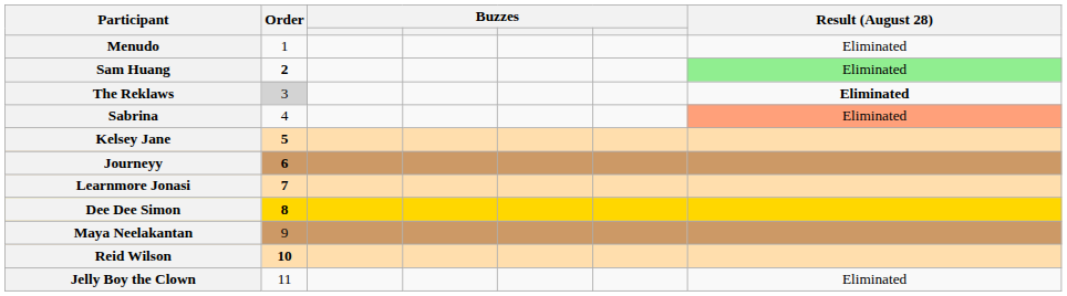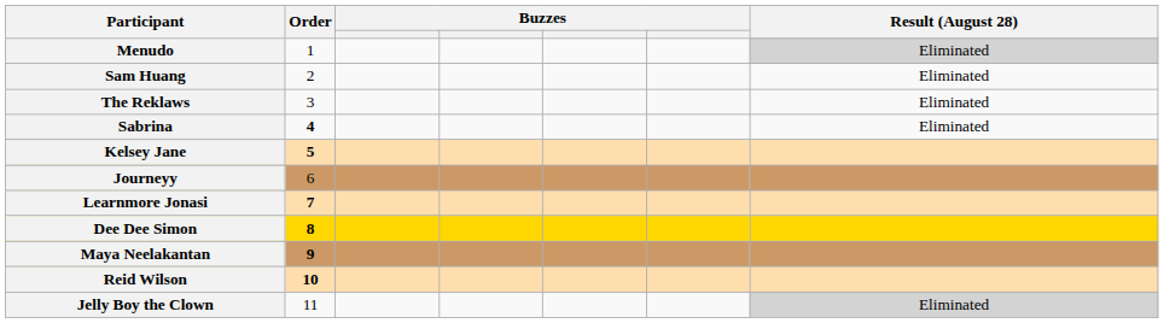 <table class="wikitable plainrowheaders sortable" style="text-align:center;">
 <tr>
 <th scope="col" rowspan="2" class="unsortable" style="width:17em;">Participant</th>
 <th scope="col" rowspan="2" style="width:1em;">Order</th>
 <th scope="col" colspan="4" class="unsortable" style="width:24em;">Buzzes</th>
 <th scope="col" rowspan="2" style="width:25em;">Result (August 28)</th>
 </tr>
 <tr>
 <th scope="col" class="unsortable" style="width:6em;"></th>
 <th scope="col" class="unsortable" style="width:6em;"></th>
 <th scope="col" class="unsortable" style="width:6em;"></th>
 <th scope="col" class="unsortable" style="width:6em;"></th>
 </tr>
 <tr>
 <th scope="row">Menudo</th>
 <td>1</td>
 <td style="text-align:center;"></td>
 <td style="text-align:center;"></td>
 <td style="text-align:center;"></td>
 <td style="text-align:center;"></td>
-<td>Eliminated</td>
+<td style="background: lightgrey;">Eliminated</td>
 </tr>
 <tr>
 <th scope="row">Sam Huang</th>
-<td><strong>2</strong></td>
+<td>2</td>
 <td style="text-align:center;"></td>
 <td style="text-align:center;"></td>
 <td style="text-align:center;"></td>
 <td style="text-align:center;"></td>
-<td style="background: lightgreen;">Eliminated</td>
+<td>Eliminated</td>
 </tr>
 <tr>
 <th scope="row">The Reklaws</th>
-<td style="background: lightgrey;">3</td>
+<td>3</td>
 <td style="text-align:center;"></td>
 <td style="text-align:center;"></td>
 <td style="text-align:center;"></td>
 <td style="text-align:center;"></td>
-<td><strong>Eliminated</strong></td>
+<td>Eliminated</td>
 </tr>
 <tr>
 <th scope="row">Sabrina</th>
-<td>4</td>
+<td><strong>4</strong></td>
 <td style="text-align:center;"></td>
 <td style="text-align:center;"></td>
 <td style="text-align:center;"></td>
 <td style="text-align:center;"></td>
-<td style="background: lightsalmon;">Eliminated</td>
+<td>Eliminated</td>
 </tr>
 <tr bgcolor=navajowhite>
 <th scope="row"><strong>Kelsey Jane</strong></th>
 <td><strong>5</strong></td>
 <td style="text-align:center;"></td>
 <td style="text-align:center;"></td>
 <td style="text-align:center;"></td>
 <td style="text-align:center;"></td>
 <td><strong></strong></td>
 </tr>
 <tr bgcolor=#c96>
 <th scope="row">Journeyy</th>
-<td><strong>6</strong></td>
+<td>6</td>
 <td style="text-align:center;"></td>
 <td style="text-align:center;"></td>
 <td style="text-align:center;"></td>
 <td style="text-align:center;"></td>
 <td></td>
 </tr>
 <tr bgcolor=navajowhite>
 <th scope="row"><strong>Learnmore Jonasi</strong></th>
 <td><strong>7</strong></td>
 <td style="text-align:center;"></td>
 <td style="text-align:center;"></td>
 <td style="text-align:center;"></td>
 <td style="text-align:center;"></td>
 <td><strong></strong></td>
 </tr>
 <tr bgcolor=gold>
 <th scope="row"><strong>Dee Dee Simon</strong></th>
 <td><strong>8</strong></td>
 <td style="text-align:center;"></td>
 <td style="text-align:center;"></td>
 <td style="text-align:center;"></td>
 <td style="text-align:center;"></td>
 <td><strong></strong></td>
 </tr>
 <tr bgcolor=#c96>
 <th scope="row">Maya Neelakantan</th>
-<td>9</td>
+<td><strong>9</strong></td>
 <td style="text-align:center;"></td>
 <td style="text-align:center;"></td>
 <td style="text-align:center;"></td>
 <td style="text-align:center;"></td>
 <td></td>
 </tr>
 <tr bgcolor=navajowhite>
 <th scope="row"><strong>Reid Wilson</strong></th>
 <td><strong>10</strong></td>
 <td style="text-align:center;"></td>
 <td style="text-align:center;"></td>
 <td style="text-align:center;"></td>
 <td style="text-align:center;"></td>
 <td><strong></strong></td>
 </tr>
 <tr>
 <th scope="row">Jelly Boy the Clown</th>
 <td>11</td>
 <td style="text-align:center;"></td>
 <td style="text-align:center;"></td>
 <td style="text-align:center;"></td>
 <td style="text-align:center;"></td>
-<td>Eliminated</td>
+<td style="background: lightgrey;">Eliminated</td>
 </tr>
 </table>
